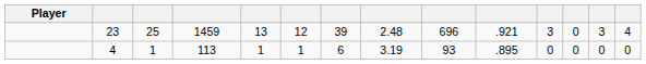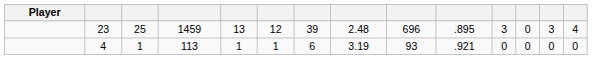 <table class="wikitable sortable" style="width:100%; text-align:center;">
 <tr style="text-align:center; background:#ddd;">
 <th>Player</th>
 <th></th>
 <th></th>
 <th></th>
 <th></th>
 <th></th>
 <th></th>
 <th></th>
 <th></th>
 <th></th>
 <th></th>
 <th></th>
 <th></th>
 <th></th>
 </tr>
 <tr>
 <td></td>
 <td>23</td>
 <td>25</td>
 <td>1459</td>
 <td>13</td>
 <td>12</td>
 <td>39</td>
 <td>2.48</td>
 <td>696</td>
-<td>.921</td>
+<td>.895</td>
 <td>3</td>
 <td>0</td>
 <td>3</td>
 <td>4</td>
 </tr>
 <tr>
 <td></td>
 <td>4</td>
 <td>1</td>
 <td>113</td>
 <td>1</td>
 <td>1</td>
 <td>6</td>
 <td>3.19</td>
 <td>93</td>
-<td>.895</td>
+<td>.921</td>
 <td>0</td>
 <td>0</td>
 <td>0</td>
 <td>0</td>
 </tr>
 </table>
